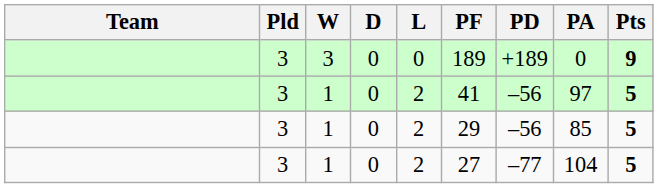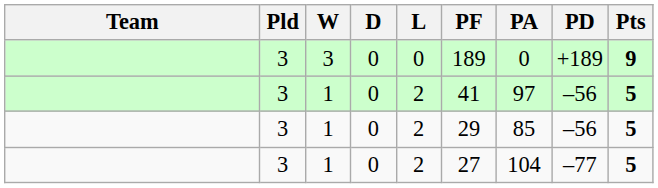 <table class="wikitable" style="text-align:center;">
 <tr>
 <th width=175>Team</th>
 <th width=25 abbr="Played">Pld</th>
 <th width=25 abbr="Won">W</th>
 <th width=25 abbr="Drawn">D</th>
 <th width=25 abbr="Lost">L</th>
 <th width=32 abbr="Points for">PF</th>
+<th width=32 abbr="Points against">PA</th>
 <th width=32 abbr="Points difference">PD</th>
-<th width=32 abbr="Points against">PA</th>
 <th width=25 abbr="Points">Pts</th>
 </tr>
 <tr bgcolor=ccffcc>
 <td align=left></td>
 <td>3</td>
 <td>3</td>
 <td>0</td>
 <td>0</td>
 <td>189</td>
+<td>0</td>
 <td>+189</td>
-<td>0</td>
 <td><strong>9</strong></td>
 </tr>
 <tr bgcolor=ccffcc>
 <td align=left></td>
 <td>3</td>
 <td>1</td>
 <td>0</td>
 <td>2</td>
 <td>41</td>
+<td>97</td>
 <td>–56</td>
-<td>97</td>
 <td><strong>5</strong></td>
 </tr>
 <tr>
 <td align=left></td>
 <td>3</td>
 <td>1</td>
 <td>0</td>
 <td>2</td>
 <td>29</td>
+<td>85</td>
 <td>–56</td>
-<td>85</td>
 <td><strong>5</strong></td>
 </tr>
 <tr>
 <td align=left></td>
 <td>3</td>
 <td>1</td>
 <td>0</td>
 <td>2</td>
 <td>27</td>
+<td>104</td>
 <td>–77</td>
-<td>104</td>
 <td><strong>5</strong></td>
 </tr>
 </table>
